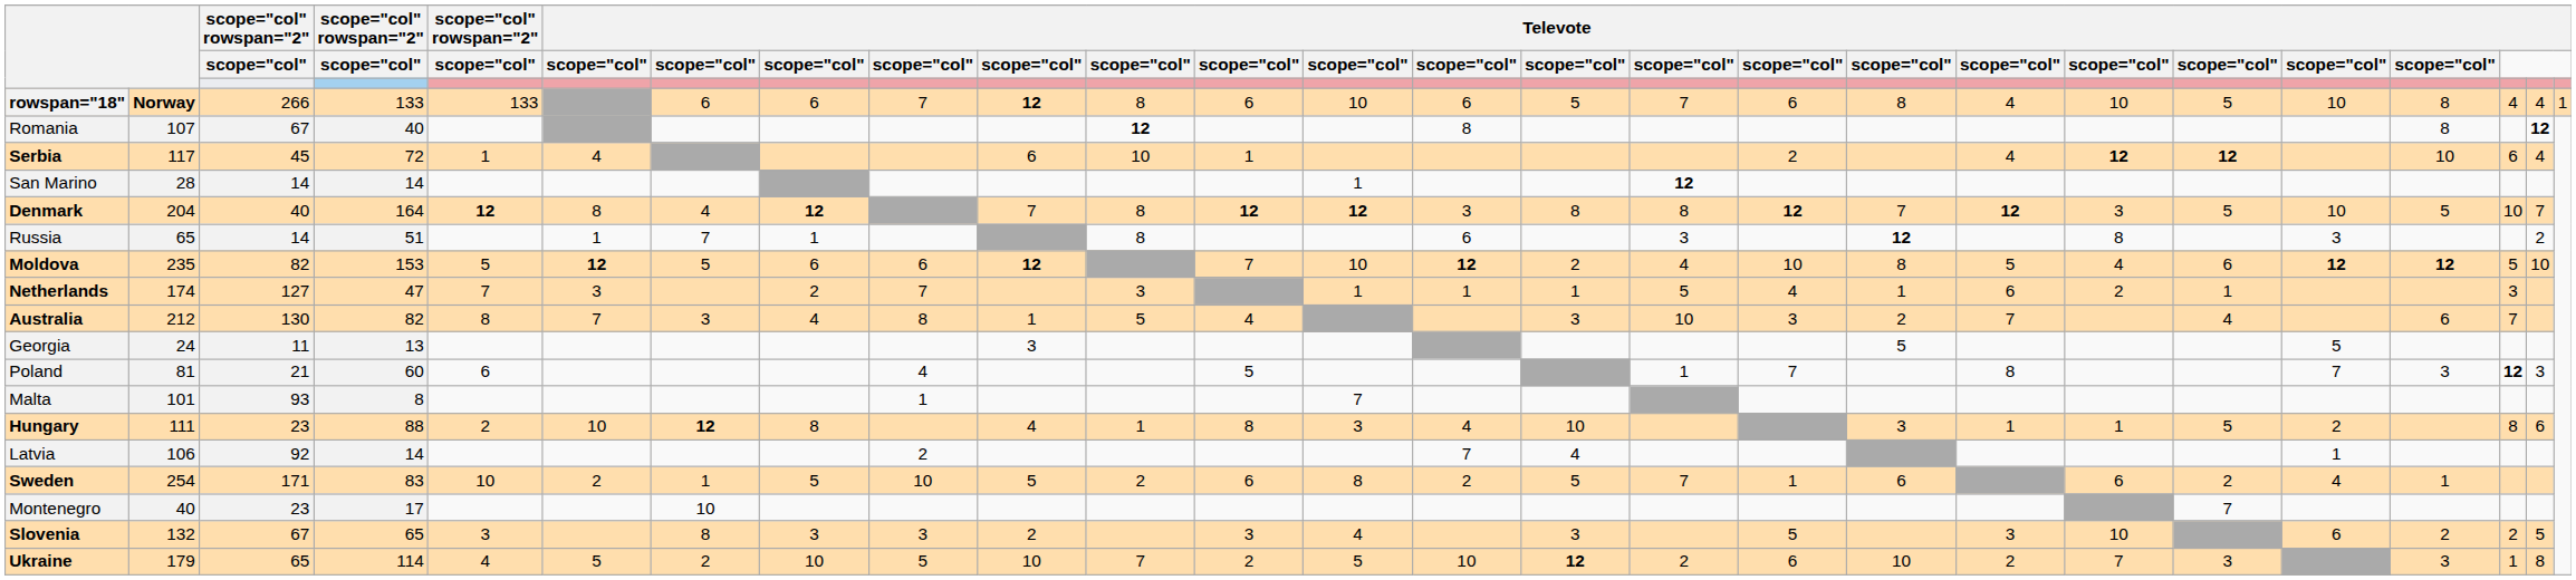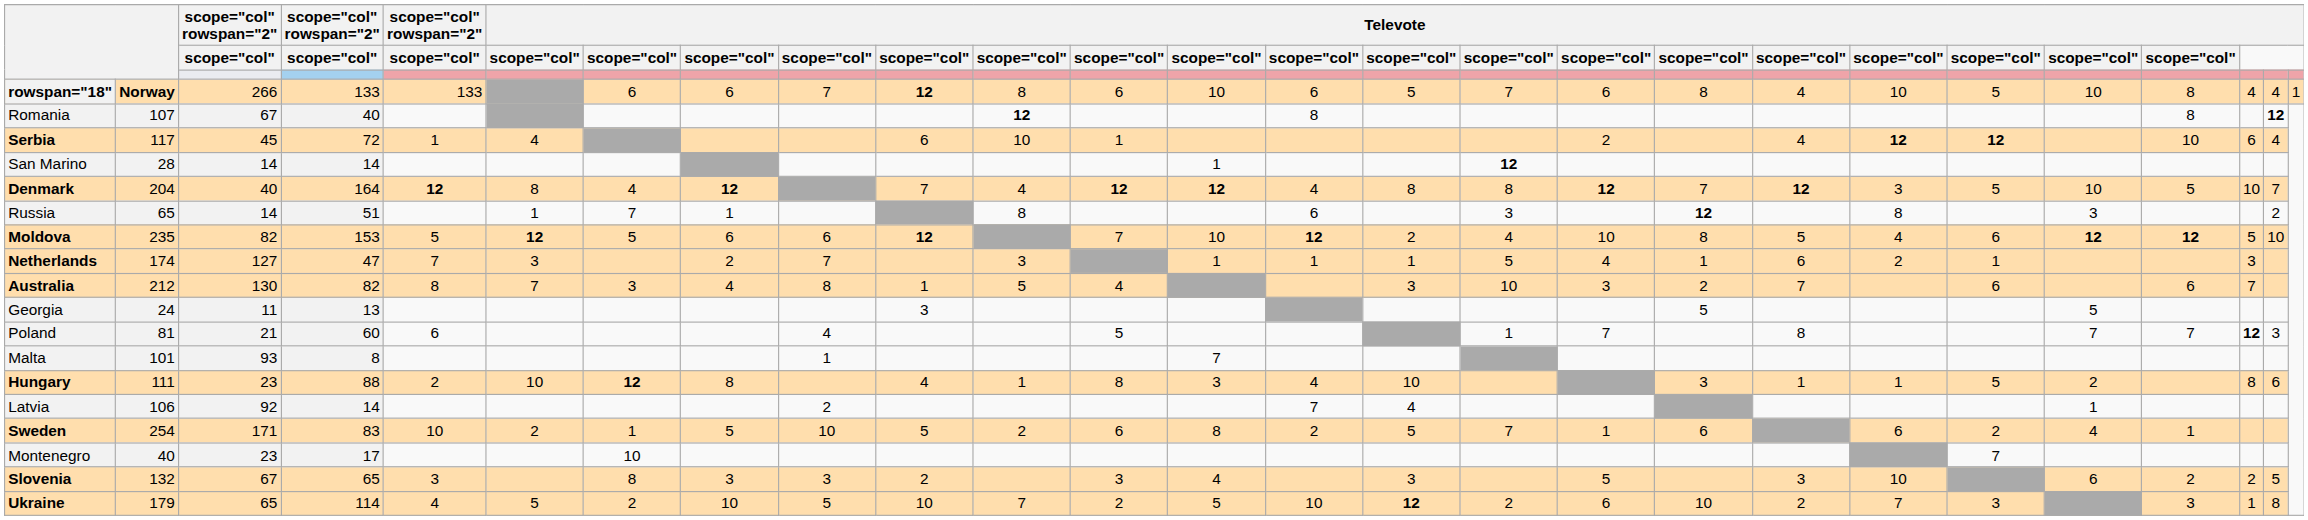 <table class="wikitable plainrowheaders" style="text-align:center; font-size:85%;">
 <tr>
 </tr>
 <tr>
 <td colspan="2" rowspan="3" style="background: #F2F2F2;"></td>
 <th>scope="col" rowspan="2" </th>
 <th>scope="col" rowspan="2" </th>
 <th>scope="col" rowspan="2" </th>
 <th scope="col" colspan="21">Televote</th>
 </tr>
 <tr>
 <th>scope="col" </th>
 <th>scope="col" </th>
 <th>scope="col" </th>
 <th>scope="col" </th>
 <th>scope="col" </th>
 <th>scope="col" </th>
 <th>scope="col" </th>
 <th>scope="col" </th>
 <th>scope="col" </th>
 <th>scope="col" </th>
 <th>scope="col" </th>
 <th>scope="col" </th>
 <th>scope="col" </th>
 <th>scope="col" </th>
 <th>scope="col" </th>
 <th>scope="col" </th>
 <th>scope="col" </th>
 <th>scope="col" </th>
 <th>scope="col" </th>
 <th>scope="col" </th>
 <th>scope="col" </th>
 </tr>
 <tr>
 <td style="height:2px; background:#eaecf0; border-top:1px solid transparent;"></td>
 <td style="background:#A4D1EF;"></td>
 <td style="background:#EFA4A9;"></td>
 <th style="background:#EFA4A9;"></th>
 <th style="background:#EFA4A9;"></th>
 <th style="background:#EFA4A9;"></th>
 <th style="background:#EFA4A9;"></th>
 <th style="background:#EFA4A9;"></th>
 <th style="background:#EFA4A9;"></th>
 <th style="background:#EFA4A9;"></th>
 <th style="background:#EFA4A9;"></th>
 <th style="background:#EFA4A9;"></th>
 <th style="background:#EFA4A9;"></th>
 <th style="background:#EFA4A9;"></th>
 <th style="background:#EFA4A9;"></th>
 <th style="background:#EFA4A9;"></th>
 <th style="background:#EFA4A9;"></th>
 <th style="background:#EFA4A9;"></th>
 <th style="background:#EFA4A9;"></th>
 <th style="background:#EFA4A9;"></th>
 <th style="background:#EFA4A9;"></th>
 <th style="background:#EFA4A9;"></th>
 <th style="background:#EFA4A9;"></th>
 <th style="background:#EFA4A9;"></th>
 </tr>
 <tr style="background:#ffdead;">
 <th>rowspan="18" </th>
 <td scope="row" style="text-align:left; font-weight:bold; background:#ffdead;">Norway</td>
 <td style="text-align:right;">266</td>
 <td style="text-align:right;">133</td>
 <td style="text-align:right;">133</td>
 <td style="background:#AAAAAA;"></td>
 <td>6</td>
 <td>6</td>
 <td>7</td>
 <td><strong>12</strong></td>
 <td>8</td>
 <td>6</td>
 <td>10</td>
 <td>6</td>
 <td>5</td>
 <td>7</td>
 <td>6</td>
 <td>8</td>
 <td>4</td>
 <td>10</td>
 <td>5</td>
 <td>10</td>
 <td>8</td>
 <td>4</td>
 <td>4</td>
 <td>1</td>
 </tr>
 <tr>
 <td scope="row" style="text-align:left; background:#f2f2f2;">Romania</td>
 <td style="text-align:right; background:#f2f2f2;">107</td>
 <td style="text-align:right; background:#f2f2f2;">67</td>
 <td style="text-align:right; background:#f2f2f2;">40</td>
 <td></td>
 <td style="background:#AAAAAA;"></td>
 <td></td>
 <td></td>
 <td></td>
 <td></td>
 <td><strong>12</strong></td>
 <td></td>
 <td></td>
 <td>8</td>
 <td></td>
 <td></td>
 <td></td>
 <td></td>
 <td></td>
 <td></td>
 <td></td>
 <td></td>
 <td>8</td>
 <td></td>
 <td><strong>12</strong></td>
 </tr>
 <tr style="background:#ffdead;">
 <td scope="row" style="text-align:left; font-weight:bold; background:#ffdead;">Serbia</td>
 <td style="text-align:right;">117</td>
 <td style="text-align:right;">45</td>
 <td style="text-align:right;">72</td>
 <td>1</td>
 <td>4</td>
 <td style="background:#AAAAAA;"></td>
 <td></td>
 <td></td>
 <td>6</td>
 <td>10</td>
 <td>1</td>
 <td></td>
 <td></td>
 <td></td>
 <td></td>
 <td>2</td>
 <td></td>
 <td>4</td>
 <td><strong>12</strong></td>
 <td><strong>12</strong></td>
 <td></td>
 <td>10</td>
 <td>6</td>
 <td>4</td>
 </tr>
 <tr>
 <td scope="row" style="text-align:left; background:#f2f2f2;">San Marino</td>
 <td style="text-align:right; background:#f2f2f2;">28</td>
 <td style="text-align:right; background:#f2f2f2;">14</td>
 <td style="text-align:right; background:#f2f2f2;">14</td>
 <td></td>
 <td></td>
 <td></td>
 <td style="background:#AAAAAA;"></td>
 <td></td>
 <td></td>
 <td></td>
 <td></td>
 <td>1</td>
 <td></td>
 <td></td>
 <td><strong>12</strong></td>
 <td></td>
 <td></td>
 <td></td>
 <td></td>
 <td></td>
 <td></td>
 <td></td>
 <td></td>
 <td></td>
 </tr>
 <tr style="background:#ffdead;">
 <td scope="row" style="text-align:left; font-weight:bold; background:#ffdead;">Denmark</td>
 <td style="text-align:right;">204</td>
 <td style="text-align:right;">40</td>
 <td style="text-align:right;">164</td>
 <td><strong>12</strong></td>
 <td>8</td>
 <td>4</td>
 <td><strong>12</strong></td>
 <td style="background:#AAAAAA;"></td>
 <td>7</td>
-<td>8</td>
+<td>4</td>
 <td><strong>12</strong></td>
 <td><strong>12</strong></td>
-<td>3</td>
+<td>4</td>
 <td>8</td>
 <td>8</td>
 <td><strong>12</strong></td>
 <td>7</td>
 <td><strong>12</strong></td>
 <td>3</td>
 <td>5</td>
 <td>10</td>
 <td>5</td>
 <td>10</td>
 <td>7</td>
 </tr>
 <tr>
 <td scope="row" style="text-align:left; background:#f2f2f2;">Russia</td>
 <td style="text-align:right; background:#f2f2f2;">65</td>
 <td style="text-align:right; background:#f2f2f2;">14</td>
 <td style="text-align:right; background:#f2f2f2;">51</td>
 <td></td>
 <td>1</td>
 <td>7</td>
 <td>1</td>
 <td></td>
 <td style="background:#AAAAAA;"></td>
 <td>8</td>
 <td></td>
 <td></td>
 <td>6</td>
 <td></td>
 <td>3</td>
 <td></td>
 <td><strong>12</strong></td>
 <td></td>
 <td>8</td>
 <td></td>
 <td>3</td>
 <td></td>
 <td></td>
 <td>2</td>
 </tr>
 <tr style="background:#ffdead;">
 <td scope="row" style="text-align:left; font-weight:bold; background:#ffdead;">Moldova</td>
 <td style="text-align:right;">235</td>
 <td style="text-align:right;">82</td>
 <td style="text-align:right;">153</td>
 <td>5</td>
 <td><strong>12</strong></td>
 <td>5</td>
 <td>6</td>
 <td>6</td>
 <td><strong>12</strong></td>
 <td style="background:#AAAAAA;"></td>
 <td>7</td>
 <td>10</td>
 <td><strong>12</strong></td>
 <td>2</td>
 <td>4</td>
 <td>10</td>
 <td>8</td>
 <td>5</td>
 <td>4</td>
 <td>6</td>
 <td><strong>12</strong></td>
 <td><strong>12</strong></td>
 <td>5</td>
 <td>10</td>
 </tr>
 <tr style="background:#ffdead;">
 <td scope="row" style="text-align:left; font-weight:bold; background:#ffdead;">Netherlands</td>
 <td style="text-align:right;">174</td>
 <td style="text-align:right;">127</td>
 <td style="text-align:right;">47</td>
 <td>7</td>
 <td>3</td>
 <td></td>
 <td>2</td>
 <td>7</td>
 <td></td>
 <td>3</td>
 <td style="background:#AAAAAA;"></td>
 <td>1</td>
 <td>1</td>
 <td>1</td>
 <td>5</td>
 <td>4</td>
 <td>1</td>
 <td>6</td>
 <td>2</td>
 <td>1</td>
 <td></td>
 <td></td>
 <td>3</td>
 <td></td>
 </tr>
 <tr style="background:#ffdead;">
 <td scope="row" style="text-align:left; font-weight:bold; background:#ffdead;">Australia</td>
 <td style="text-align:right;">212</td>
 <td style="text-align:right;">130</td>
 <td style="text-align:right;">82</td>
 <td>8</td>
 <td>7</td>
 <td>3</td>
 <td>4</td>
 <td>8</td>
 <td>1</td>
 <td>5</td>
 <td>4</td>
 <td style="background:#AAAAAA;"></td>
 <td></td>
 <td>3</td>
 <td>10</td>
 <td>3</td>
 <td>2</td>
 <td>7</td>
 <td></td>
-<td>4</td>
+<td>6</td>
 <td></td>
 <td>6</td>
 <td>7</td>
 <td></td>
 </tr>
 <tr>
 <td scope="row" style="text-align:left; background:#f2f2f2;">Georgia</td>
 <td style="text-align:right; background:#f2f2f2;">24</td>
 <td style="text-align:right; background:#f2f2f2;">11</td>
 <td style="text-align:right; background:#f2f2f2;">13</td>
 <td></td>
 <td></td>
 <td></td>
 <td></td>
 <td></td>
 <td>3</td>
 <td></td>
 <td></td>
 <td></td>
 <td style="background:#AAAAAA;"></td>
 <td></td>
 <td></td>
 <td></td>
 <td>5</td>
 <td></td>
 <td></td>
 <td></td>
 <td>5</td>
 <td></td>
 <td></td>
 <td></td>
 </tr>
 <tr>
 <td scope="row" style="text-align:left; background:#f2f2f2;">Poland</td>
 <td style="text-align:right; background:#f2f2f2;">81</td>
 <td style="text-align:right; background:#f2f2f2;">21</td>
 <td style="text-align:right; background:#f2f2f2;">60</td>
 <td>6</td>
 <td></td>
 <td></td>
 <td></td>
 <td>4</td>
 <td></td>
 <td></td>
 <td>5</td>
 <td></td>
 <td></td>
 <td style="background:#AAAAAA;"></td>
 <td>1</td>
 <td>7</td>
 <td></td>
 <td>8</td>
 <td></td>
 <td></td>
 <td>7</td>
-<td>3</td>
+<td>7</td>
 <td><strong>12</strong></td>
 <td>3</td>
 </tr>
 <tr>
 <td scope="row" style="text-align:left; background:#f2f2f2;">Malta</td>
 <td style="text-align:right; background:#f2f2f2;">101</td>
 <td style="text-align:right; background:#f2f2f2;">93</td>
 <td style="text-align:right; background:#f2f2f2;">8</td>
 <td></td>
 <td></td>
 <td></td>
 <td></td>
 <td>1</td>
 <td></td>
 <td></td>
 <td></td>
 <td>7</td>
 <td></td>
 <td></td>
 <td style="background:#AAAAAA;"></td>
 <td></td>
 <td></td>
 <td></td>
 <td></td>
 <td></td>
 <td></td>
 <td></td>
 <td></td>
 <td></td>
 </tr>
 <tr style="background:#ffdead;">
 <td scope="row" style="text-align:left; font-weight:bold; background:#ffdead;">Hungary</td>
 <td style="text-align:right;">111</td>
 <td style="text-align:right;">23</td>
 <td style="text-align:right;">88</td>
 <td>2</td>
 <td>10</td>
 <td><strong>12</strong></td>
 <td>8</td>
 <td></td>
 <td>4</td>
 <td>1</td>
 <td>8</td>
 <td>3</td>
 <td>4</td>
 <td>10</td>
 <td></td>
 <td style="background:#AAAAAA;"></td>
 <td>3</td>
 <td>1</td>
 <td>1</td>
 <td>5</td>
 <td>2</td>
 <td></td>
 <td>8</td>
 <td>6</td>
 </tr>
 <tr>
 <td scope="row" style="text-align:left; background:#f2f2f2;">Latvia</td>
 <td style="text-align:right; background:#f2f2f2;">106</td>
 <td style="text-align:right; background:#f2f2f2;">92</td>
 <td style="text-align:right; background:#f2f2f2;">14</td>
 <td></td>
 <td></td>
 <td></td>
 <td></td>
 <td>2</td>
 <td></td>
 <td></td>
 <td></td>
 <td></td>
 <td>7</td>
 <td>4</td>
 <td></td>
 <td></td>
 <td style="background:#AAAAAA;"></td>
 <td></td>
 <td></td>
 <td></td>
 <td>1</td>
 <td></td>
 <td></td>
 <td></td>
 </tr>
 <tr style="background:#ffdead;">
 <td scope="row" style="text-align:left; font-weight:bold; background:#ffdead;">Sweden</td>
 <td style="text-align:right;">254</td>
 <td style="text-align:right;">171</td>
 <td style="text-align:right;">83</td>
 <td>10</td>
 <td>2</td>
 <td>1</td>
 <td>5</td>
 <td>10</td>
 <td>5</td>
 <td>2</td>
 <td>6</td>
 <td>8</td>
 <td>2</td>
 <td>5</td>
 <td>7</td>
 <td>1</td>
 <td>6</td>
 <td style="background:#AAAAAA;"></td>
 <td>6</td>
 <td>2</td>
 <td>4</td>
 <td>1</td>
 <td></td>
 <td></td>
 </tr>
 <tr>
 <td scope="row" style="text-align:left; background:#f2f2f2;">Montenegro</td>
 <td style="text-align:right; background:#f2f2f2;">40</td>
 <td style="text-align:right; background:#f2f2f2;">23</td>
 <td style="text-align:right; background:#f2f2f2;">17</td>
 <td></td>
 <td></td>
 <td>10</td>
 <td></td>
 <td></td>
 <td></td>
 <td></td>
 <td></td>
 <td></td>
 <td></td>
 <td></td>
 <td></td>
 <td></td>
 <td></td>
 <td></td>
 <td style="background:#AAAAAA;"></td>
 <td>7</td>
 <td></td>
 <td></td>
 <td></td>
 <td></td>
 </tr>
 <tr style="background:#ffdead;">
 <td scope="row" style="text-align:left; font-weight:bold; background:#ffdead;">Slovenia</td>
 <td style="text-align:right;">132</td>
 <td style="text-align:right;">67</td>
 <td style="text-align:right;">65</td>
 <td>3</td>
 <td></td>
 <td>8</td>
 <td>3</td>
 <td>3</td>
 <td>2</td>
 <td></td>
 <td>3</td>
 <td>4</td>
 <td></td>
 <td>3</td>
 <td></td>
 <td>5</td>
 <td></td>
 <td>3</td>
 <td>10</td>
 <td style="background:#AAAAAA;"></td>
 <td>6</td>
 <td>2</td>
 <td>2</td>
 <td>5</td>
 </tr>
 <tr style="background:#ffdead;">
 <td scope="row" style="text-align:left; font-weight:bold; background:#ffdead;">Ukraine</td>
 <td style="text-align:right;">179</td>
 <td style="text-align:right;">65</td>
 <td style="text-align:right;">114</td>
 <td>4</td>
 <td>5</td>
 <td>2</td>
 <td>10</td>
 <td>5</td>
 <td>10</td>
 <td>7</td>
 <td>2</td>
 <td>5</td>
 <td>10</td>
 <td><strong>12</strong></td>
 <td>2</td>
 <td>6</td>
 <td>10</td>
 <td>2</td>
 <td>7</td>
 <td>3</td>
 <td style="background:#AAAAAA;"></td>
 <td>3</td>
 <td>1</td>
 <td>8</td>
 </tr>
 </table>
